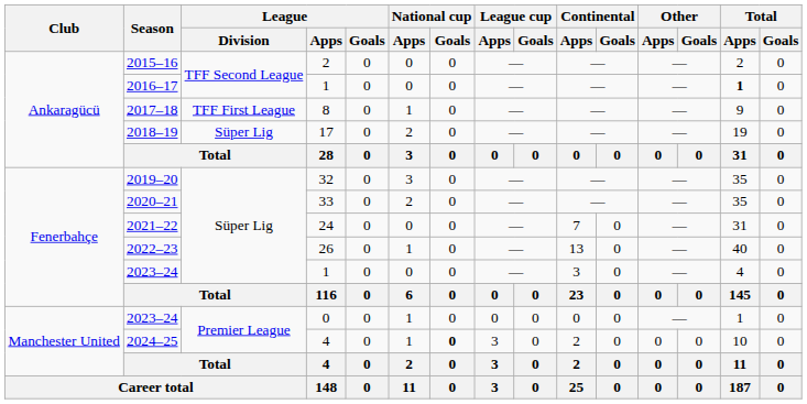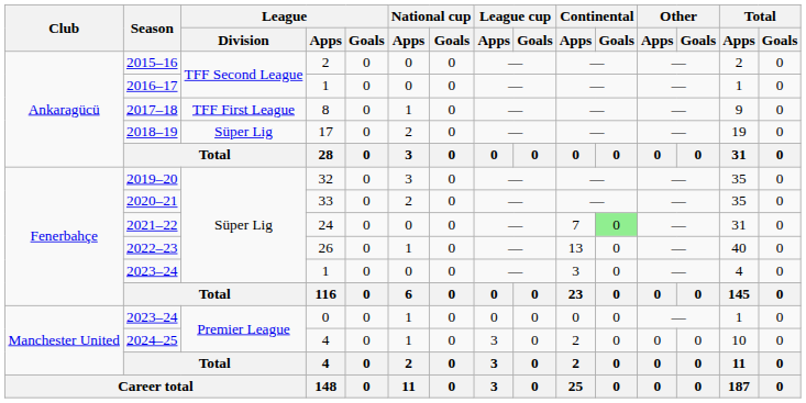 <table class="wikitable" style="text-align: center;">
 <tr>
 <th rowspan="2">Club</th>
 <th rowspan="2">Season</th>
 <th colspan="3">League</th>
 <th colspan="2">National cup</th>
 <th colspan="2">League cup</th>
 <th colspan="2">Continental</th>
 <th colspan="2">Other</th>
 <th colspan="2">Total</th>
 </tr>
 <tr>
 <th>Division</th>
 <th>Apps</th>
 <th>Goals</th>
 <th>Apps</th>
 <th>Goals</th>
 <th>Apps</th>
 <th>Goals</th>
 <th>Apps</th>
 <th>Goals</th>
 <th>Apps</th>
 <th>Goals</th>
 <th>Apps</th>
 <th>Goals</th>
 </tr>
 <tr>
 <td rowspan="5"><a href='#'>Ankaragücü</a></td>
 <td><a href='#'>2015–16</a></td>
 <td rowspan="2"><a href='#'>TFF Second League</a></td>
 <td>2</td>
 <td>0</td>
 <td>0</td>
 <td>0</td>
 <td colspan="2">—</td>
 <td colspan="2">—</td>
 <td colspan="2">—</td>
 <td>2</td>
 <td>0</td>
 </tr>
 <tr>
 <td><a href='#'>2016–17</a></td>
 <td>1</td>
 <td>0</td>
 <td>0</td>
 <td>0</td>
 <td colspan="2">—</td>
 <td colspan="2">—</td>
 <td colspan="2">—</td>
-<td><strong>1</strong></td>
+<td>1</td>
 <td>0</td>
 </tr>
 <tr>
 <td><a href='#'>2017–18</a></td>
 <td><a href='#'>TFF First League</a></td>
 <td>8</td>
 <td>0</td>
 <td>1</td>
 <td>0</td>
 <td colspan="2">—</td>
 <td colspan="2">—</td>
 <td colspan="2">—</td>
 <td>9</td>
 <td>0</td>
 </tr>
 <tr>
 <td><a href='#'>2018–19</a></td>
 <td><a href='#'>Süper Lig</a></td>
 <td>17</td>
 <td>0</td>
 <td>2</td>
 <td>0</td>
 <td colspan="2">—</td>
 <td colspan="2">—</td>
 <td colspan="2">—</td>
 <td>19</td>
 <td>0</td>
 </tr>
 <tr>
 <th colspan="2">Total</th>
 <th>28</th>
 <th>0</th>
 <th>3</th>
 <th>0</th>
 <th>0</th>
 <th>0</th>
 <th>0</th>
 <th>0</th>
 <th>0</th>
 <th>0</th>
 <th>31</th>
 <th>0</th>
 </tr>
 <tr>
 <td rowspan="6"><a href='#'>Fenerbahçe</a></td>
 <td><a href='#'>2019–20</a></td>
 <td rowspan="5">Süper Lig</td>
 <td>32</td>
 <td>0</td>
 <td>3</td>
 <td>0</td>
 <td colspan="2">—</td>
 <td colspan="2">—</td>
 <td colspan="2">—</td>
 <td>35</td>
 <td>0</td>
 </tr>
 <tr>
 <td><a href='#'>2020–21</a></td>
 <td>33</td>
 <td>0</td>
 <td>2</td>
 <td>0</td>
 <td colspan="2">—</td>
 <td colspan="2">—</td>
 <td colspan="2">—</td>
 <td>35</td>
 <td>0</td>
 </tr>
 <tr>
 <td><a href='#'>2021–22</a></td>
 <td>24</td>
 <td>0</td>
 <td>0</td>
 <td>0</td>
 <td colspan="2">—</td>
 <td>7</td>
-<td>0</td>
+<td style="background: lightgreen;">0</td>
 <td colspan="2">—</td>
 <td>31</td>
 <td>0</td>
 </tr>
 <tr>
 <td><a href='#'>2022–23</a></td>
 <td>26</td>
 <td>0</td>
 <td>1</td>
 <td>0</td>
 <td colspan="2">—</td>
 <td>13</td>
 <td>0</td>
 <td colspan="2">—</td>
 <td>40</td>
 <td>0</td>
 </tr>
 <tr>
 <td><a href='#'>2023–24</a></td>
 <td>1</td>
 <td>0</td>
 <td>0</td>
 <td>0</td>
 <td colspan="2">—</td>
 <td>3</td>
 <td>0</td>
 <td colspan="2">—</td>
 <td>4</td>
 <td>0</td>
 </tr>
 <tr>
 <th colspan="2">Total</th>
 <th>116</th>
 <th>0</th>
 <th>6</th>
 <th>0</th>
 <th>0</th>
 <th>0</th>
 <th>23</th>
 <th>0</th>
 <th>0</th>
 <th>0</th>
 <th>145</th>
 <th>0</th>
 </tr>
 <tr>
 <td rowspan="3"><a href='#'>Manchester United</a></td>
 <td><a href='#'>2023–24</a></td>
 <td rowspan="2"><a href='#'>Premier League</a></td>
 <td>0</td>
 <td>0</td>
 <td>1</td>
 <td>0</td>
 <td>0</td>
 <td>0</td>
 <td>0</td>
 <td>0</td>
 <td colspan="2">—</td>
 <td>1</td>
 <td>0</td>
 </tr>
 <tr>
 <td><a href='#'>2024–25</a></td>
 <td>4</td>
 <td>0</td>
 <td>1</td>
-<td><strong>0</strong></td>
+<td>0</td>
 <td>3</td>
 <td>0</td>
 <td>2</td>
 <td>0</td>
 <td>0</td>
 <td>0</td>
 <td>10</td>
 <td>0</td>
 </tr>
 <tr>
 <th colspan="2">Total</th>
 <th>4</th>
 <th>0</th>
 <th>2</th>
 <th>0</th>
 <th>3</th>
 <th>0</th>
 <th>2</th>
 <th>0</th>
 <th>0</th>
 <th>0</th>
 <th>11</th>
 <th>0</th>
 </tr>
 <tr>
 <th colspan="3">Career total</th>
 <th>148</th>
 <th>0</th>
 <th>11</th>
 <th>0</th>
 <th>3</th>
 <th>0</th>
 <th>25</th>
 <th>0</th>
 <th>0</th>
 <th>0</th>
 <th>187</th>
 <th>0</th>
 </tr>
 </table>
